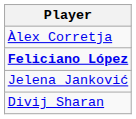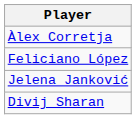 <table class="wikitable">
 <tr>
 <th>Player</th>
 </tr>
 <tr>
 <td> <a href='#'>Àlex Corretja</a></td>
 </tr>
 <tr>
-<td><strong> <a href='#'>Feliciano López</a></strong></td>
+<td> <a href='#'>Feliciano López</a></td>
 </tr>
 <tr>
 <td> <a href='#'>Jelena Janković</a></td>
 </tr>
 <tr>
 <td> <a href='#'>Divij Sharan</a></td>
 </tr>
 </table>
